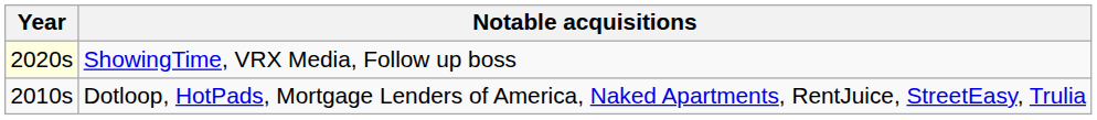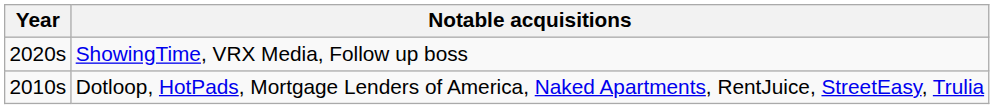 <table class="wikitable">
 <tr>
 <th>Year</th>
 <th>Notable acquisitions</th>
 </tr>
 <tr>
-<td style="background: lightyellow;">2020s</td>
+<td>2020s</td>
 <td><a href='#'>ShowingTime</a>, VRX Media, Follow up boss</td>
 </tr>
 <tr>
 <td>2010s</td>
 <td>Dotloop, <a href='#'>HotPads</a>, Mortgage Lenders of America, <a href='#'>Naked Apartments</a>, RentJuice, <a href='#'>StreetEasy</a>, <a href='#'>Trulia</a></td>
 </tr>
 </table>
